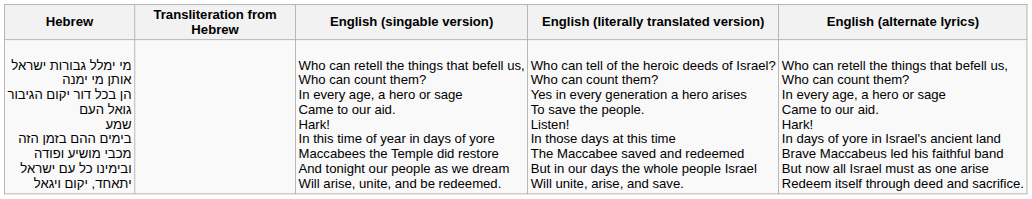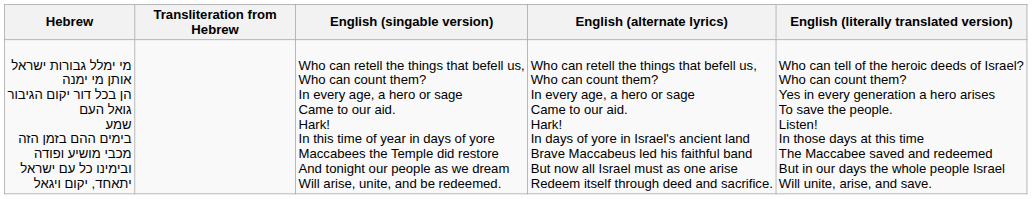 <table class="wikitable">
 <tr>
 <th>Hebrew</th>
 <th>Transliteration from Hebrew</th>
 <th>English (singable version)</th>
+<th>English (alternate lyrics)</th>
 <th>English (literally translated version)</th>
-<th>English (alternate lyrics)</th>
 </tr>
 <tr style="vertical-align:top; white-space:nowrap;">
 <td style="text-align:right;"><br>מי ימלל גבורות ישראל<br> אותן מי ימנה<br> הן בכל דור יקום הגיבור<br> גואל העם<br>שמע<br> בימים ההם בזמן הזה<br> מכבי מושיע ופודה<br> ובימינו כל עם ישראל <br> יתאחד, יקום ויגאל <br></td>
 <td><br></td>
 <td><br>Who can retell the things that befell us,<br> Who can count them?<br> In every age, a hero or sage<br> Came to our aid.<br>Hark!<br> In this time of year in days of yore<br> Maccabees the Temple did restore<br> And tonight our people as we dream<br> Will arise, unite, and be redeemed.<br></td>
+<td><br>Who can retell the things that befell us,<br> Who can count them?<br> In every age, a hero or sage<br> Came to our aid.<br>Hark!<br> In days of yore in Israel's ancient land<br> Brave Maccabeus led his faithful band<br> But now all Israel must as one arise<br> Redeem itself through deed and sacrifice.<br></td>
 <td><br>Who can tell of the heroic deeds of Israel?<br> Who can count them?<br> Yes in every generation a hero arises<br> To save the people.<br>Listen!<br> In those days at this time<br> The Maccabee saved and redeemed<br> But in our days the whole people Israel<br> Will unite, arise, and save.<br></td>
-<td><br>Who can retell the things that befell us,<br> Who can count them?<br> In every age, a hero or sage<br> Came to our aid.<br>Hark!<br> In days of yore in Israel's ancient land<br> Brave Maccabeus led his faithful band<br> But now all Israel must as one arise<br> Redeem itself through deed and sacrifice.<br></td>
 </tr>
 </table>
